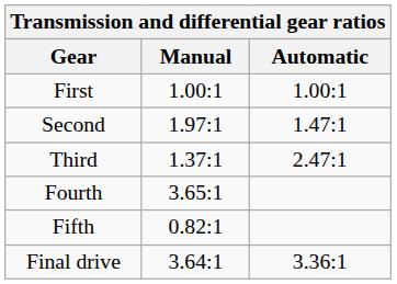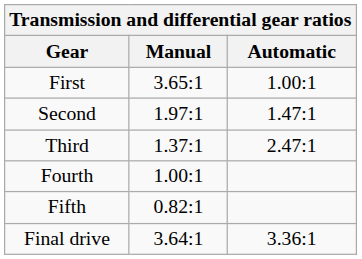 <table class="wikitable" style="align:center; text-align:center">
 <tr>
 <th colspan=3>Transmission and differential gear ratios</th>
 </tr>
 <tr>
 <th>Gear</th>
 <th>Manual</th>
 <th>Automatic</th>
 </tr>
 <tr>
 <td>First</td>
-<td>1.00:1</td>
+<td>3.65:1</td>
 <td>1.00:1</td>
 </tr>
 <tr>
 <td>Second</td>
 <td>1.97:1</td>
 <td>1.47:1</td>
 </tr>
 <tr>
 <td>Third</td>
 <td>1.37:1</td>
 <td>2.47:1</td>
 </tr>
 <tr>
 <td>Fourth</td>
-<td>3.65:1</td>
+<td>1.00:1</td>
 <td></td>
 </tr>
 <tr>
 <td>Fifth</td>
 <td>0.82:1</td>
 <td></td>
 </tr>
 <tr>
 <td>Final drive</td>
 <td>3.64:1</td>
 <td>3.36:1</td>
 </tr>
 </table>
